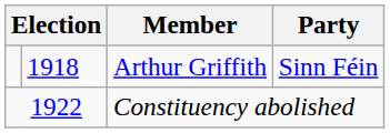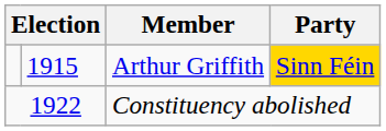 <table class="wikitable">
 <tr>
 <th colspan="2">Election</th>
 <th>Member</th>
 <th>Party</th>
 </tr>
 <tr>
 <td style="color:inherit;background-color: "></td>
-<td><a href='#'>1918</a></td>
+<td><a href='#'>1915</a></td>
 <td><a href='#'>Arthur Griffith</a></td>
-<td><a href='#'>Sinn Féin</a></td>
+<td style="background: gold;"><a href='#'>Sinn Féin</a></td>
 </tr>
 <tr>
 <td colspan="2" align="center"><a href='#'>1922</a></td>
 <td colspan="2"><em>Constituency abolished</em></td>
 </tr>
 </table>
